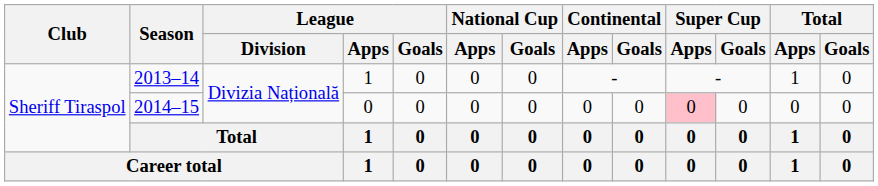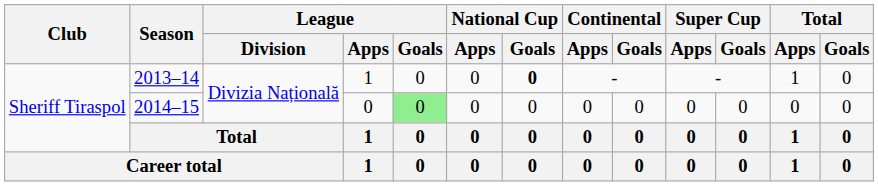 <table class="wikitable" style="text-align: center;">
 <tr>
 <th rowspan="2">Club</th>
 <th rowspan="2">Season</th>
 <th colspan="3">League</th>
 <th colspan="2">National Cup</th>
 <th colspan="2">Continental</th>
 <th colspan="2">Super Cup</th>
 <th colspan="2">Total</th>
 </tr>
 <tr>
 <th>Division</th>
 <th>Apps</th>
 <th>Goals</th>
 <th>Apps</th>
 <th>Goals</th>
 <th>Apps</th>
 <th>Goals</th>
 <th>Apps</th>
 <th>Goals</th>
 <th>Apps</th>
 <th>Goals</th>
 </tr>
 <tr>
 <td rowspan="3" valign="center"><a href='#'>Sheriff Tiraspol</a></td>
 <td><a href='#'>2013–14</a></td>
 <td rowspan="2" valign="center"><a href='#'>Divizia Națională</a></td>
 <td>1</td>
 <td>0</td>
 <td>0</td>
-<td>0</td>
+<td><strong>0</strong></td>
 <td colspan="2">-</td>
 <td colspan="2">-</td>
 <td>1</td>
 <td>0</td>
 </tr>
 <tr>
 <td><a href='#'>2014–15</a></td>
 <td>0</td>
+<td style="background: lightgreen;">0</td>
 <td>0</td>
 <td>0</td>
 <td>0</td>
 <td>0</td>
 <td>0</td>
-<td style="background: pink;">0</td>
 <td>0</td>
 <td>0</td>
 <td>0</td>
 </tr>
 <tr>
 <th colspan="2">Total</th>
 <th>1</th>
 <th>0</th>
 <th>0</th>
 <th>0</th>
 <th>0</th>
 <th>0</th>
 <th>0</th>
 <th>0</th>
 <th>1</th>
 <th>0</th>
 </tr>
 <tr>
 <th colspan="3">Career total</th>
 <th>1</th>
 <th>0</th>
 <th>0</th>
 <th>0</th>
 <th>0</th>
 <th>0</th>
 <th>0</th>
 <th>0</th>
 <th>1</th>
 <th>0</th>
 </tr>
 </table>
